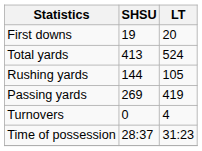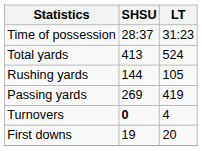 <table class="wikitable" style="float: left;">
 <tr>
 <th>Statistics</th>
 <th>SHSU</th>
 <th>LT</th>
 </tr>
 <tr>
-<td>First downs</td>
-<td>19</td>
-<td>20</td>
+<td>Time of possession</td>
+<td>28:37</td>
+<td>31:23</td>
 </tr>
 <tr>
 <td>Total yards</td>
 <td>413</td>
 <td>524</td>
 </tr>
 <tr>
 <td>Rushing yards</td>
 <td>144</td>
 <td>105</td>
 </tr>
 <tr>
 <td>Passing yards</td>
 <td>269</td>
 <td>419</td>
 </tr>
 <tr>
 <td>Turnovers</td>
-<td>0</td>
+<td><strong>0</strong></td>
 <td>4</td>
 </tr>
 <tr>
-<td>Time of possession</td>
-<td>28:37</td>
-<td>31:23</td>
+<td>First downs</td>
+<td>19</td>
+<td>20</td>
 </tr>
 <tr>
 </tr>
 </table>
